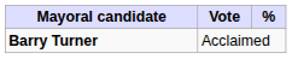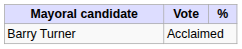 <table class="wikitable">
 <tr>
 <th style="background:#ddf; width:200px;">Mayoral candidate</th>
 <th style="background:#ddf; width:50px;">Vote</th>
 <th style="background:#ddf; width:30px;">%</th>
 </tr>
 <tr>
-<td><strong>Barry Turner</strong></td>
+<td>Barry Turner</td>
 <td colspan="2">Acclaimed</td>
 </tr>
 </table>
